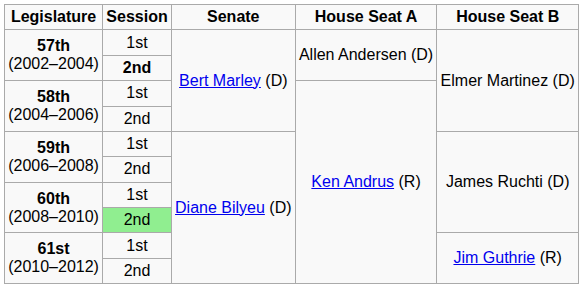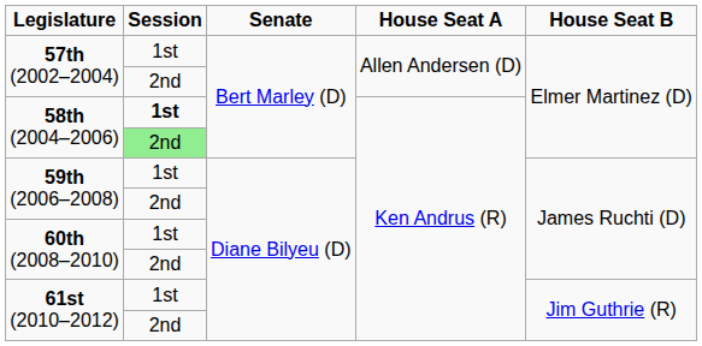 <table class=wikitable style="text-align:center">
 <tr>
 <td><strong>Legislature</strong></td>
 <td><strong>Session</strong></td>
 <td><strong>Senate</strong></td>
 <td><strong>House Seat A</strong></td>
 <td><strong>House Seat B</strong></td>
 </tr>
 <tr>
 <td rowspan="2" colspan="1" style="text-align: center;"><strong>57th</strong> <br> (2002–2004)</td>
 <td>1st</td>
 <td rowspan="4" colspan="1" style="text-align: center;" ><a href='#'>Bert Marley</a> (D)</td>
 <td rowspan="2" colspan="1" style="text-align: center;" >Allen Andersen (D)</td>
 <td rowspan="4" colspan="1" style="text-align: center;" >Elmer Martinez (D)</td>
 </tr>
 <tr>
-<td><strong>2nd</strong></td>
+<td>2nd</td>
 </tr>
 <tr>
 <td rowspan="2" colspan="1" style="text-align: center;"><strong>58th</strong> <br> (2004–2006)</td>
-<td>1st</td>
+<td><strong>1st</strong></td>
 <td rowspan="8" colspan="1" style="text-align: center;" ><a href='#'>Ken Andrus</a> (R)</td>
 </tr>
 <tr>
-<td>2nd</td>
+<td style="background: lightgreen;">2nd</td>
 </tr>
 <tr>
 <td rowspan="2" colspan="1" style="text-align: center;"><strong>59th</strong> <br> (2006–2008)</td>
 <td>1st</td>
 <td rowspan="6" colspan="1" style="text-align: center;" ><a href='#'>Diane Bilyeu</a> (D)</td>
 <td rowspan="4" colspan="1" style="text-align: center;" >James Ruchti (D)</td>
 </tr>
 <tr>
 <td>2nd</td>
 </tr>
 <tr>
 <td rowspan="2" colspan="1" style="text-align: center;"><strong>60th</strong> <br> (2008–2010)</td>
 <td>1st</td>
 </tr>
 <tr>
-<td style="background: lightgreen;">2nd</td>
+<td>2nd</td>
 </tr>
 <tr>
 <td rowspan="2" colspan="1" style="text-align: center;"><strong>61st</strong> <br> (2010–2012)</td>
 <td>1st</td>
 <td rowspan="2" colspan="1" style="text-align: center;" ><a href='#'>Jim Guthrie</a> (R)</td>
 </tr>
 <tr>
 <td>2nd</td>
 </tr>
 </table>
